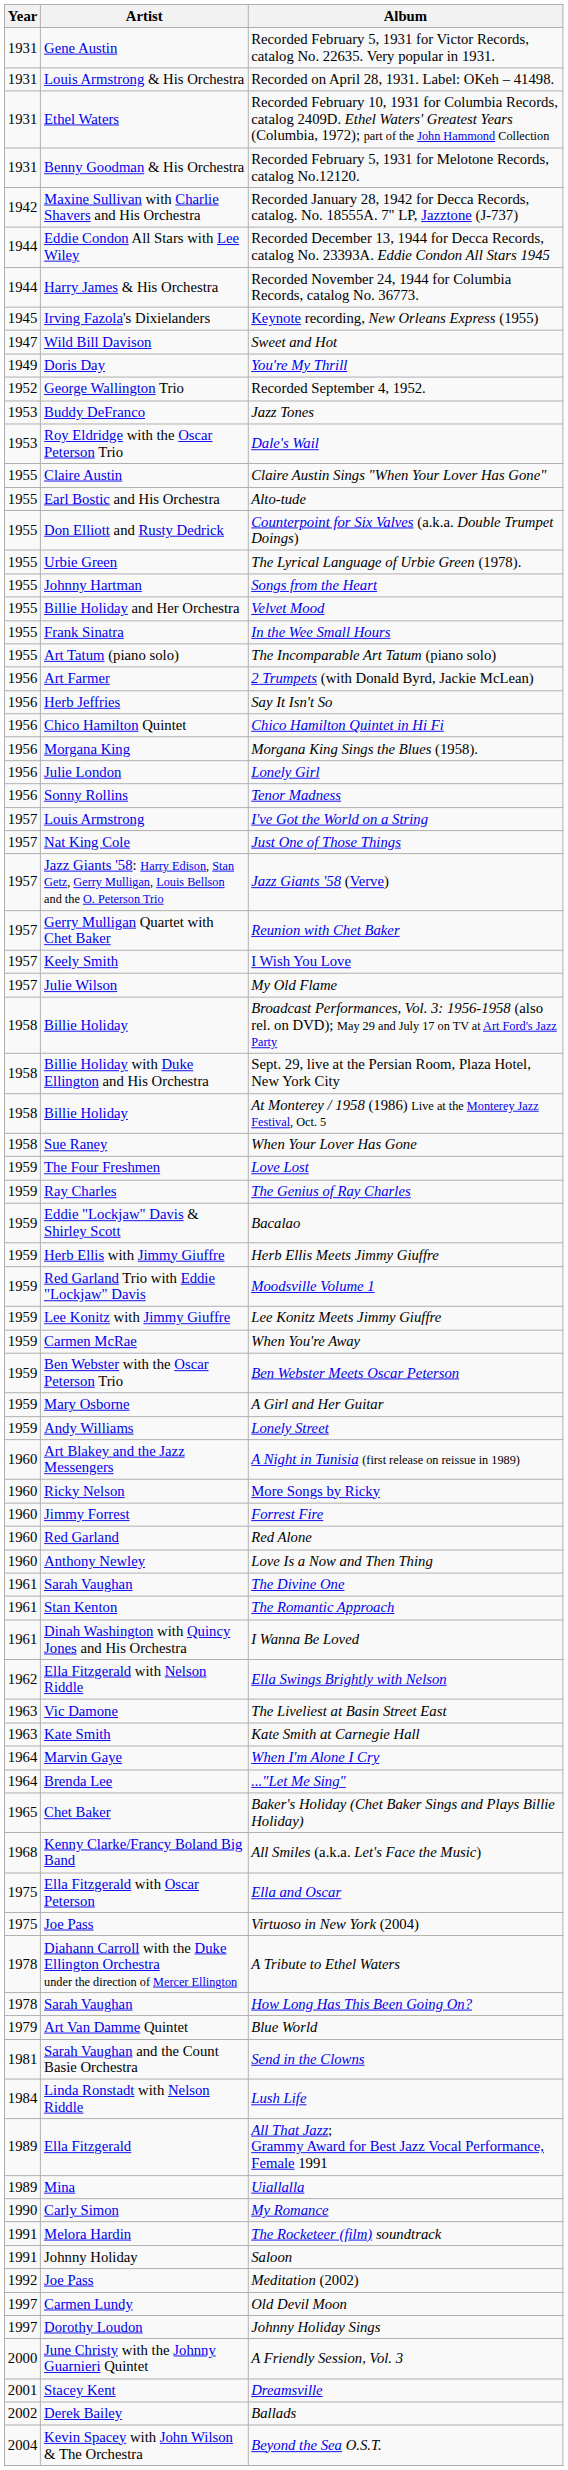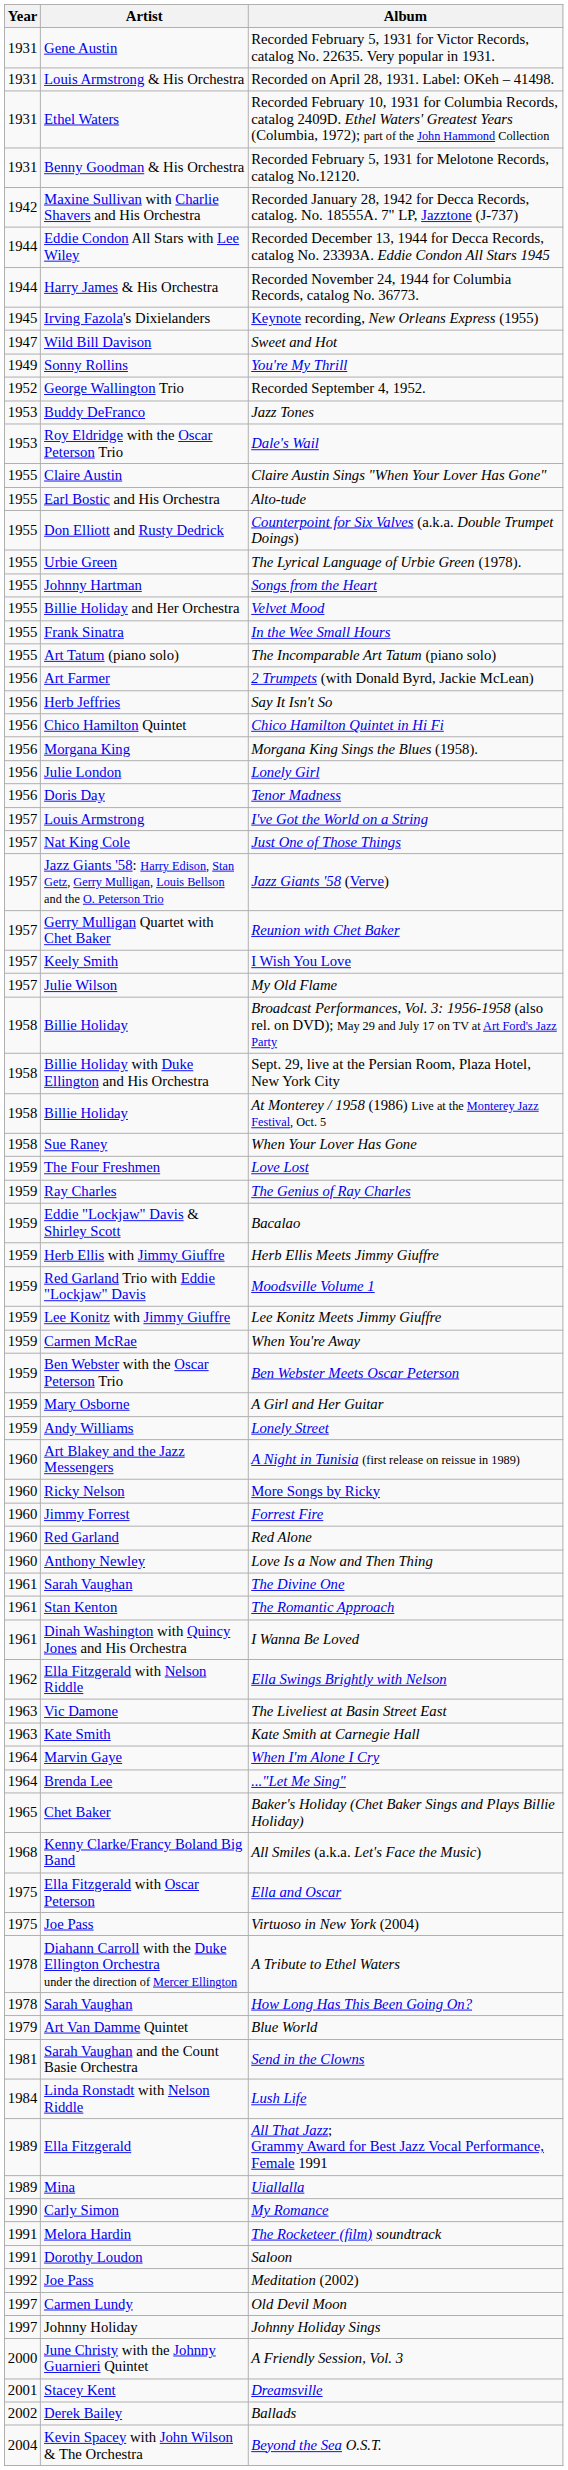 <table class="wikitable sortable">
 <tr>
 <th>Year</th>
 <th>Artist</th>
 <th class="unsortable">Album</th>
 </tr>
 <tr>
 <td>1931</td>
 <td><a href='#'>Gene Austin</a></td>
 <td>Recorded February 5, 1931 for Victor Records, catalog No. 22635. Very popular in 1931.</td>
 </tr>
 <tr>
 <td>1931</td>
 <td><a href='#'>Louis Armstrong</a> & His Orchestra</td>
 <td>Recorded on April 28, 1931. Label: OKeh – 41498.</td>
 </tr>
 <tr>
 <td>1931</td>
 <td><a href='#'>Ethel Waters</a></td>
 <td>Recorded February 10, 1931 for Columbia Records, catalog 2409D. <em>Ethel Waters' Greatest Years</em> (Columbia, 1972); <small>part of the <a href='#'>John Hammond</a> Collection</small></td>
 </tr>
 <tr>
 <td>1931</td>
 <td><a href='#'>Benny Goodman</a> & His Orchestra</td>
 <td>Recorded February 5, 1931 for Melotone Records, catalog No.12120.</td>
 </tr>
 <tr>
 <td>1942</td>
 <td><a href='#'>Maxine Sullivan</a> with <a href='#'>Charlie Shavers</a> and His Orchestra</td>
 <td>Recorded January 28, 1942 for Decca Records, catalog. No. 18555A. 7" LP, <a href='#'>Jazztone</a> (J-737)</td>
 </tr>
 <tr>
 <td>1944</td>
 <td><a href='#'>Eddie Condon</a> All Stars with <a href='#'>Lee Wiley</a></td>
 <td>Recorded December 13, 1944 for Decca Records, catalog No. 23393A. <em>Eddie Condon All Stars 1945</em></td>
 </tr>
 <tr>
 <td>1944</td>
 <td><a href='#'>Harry James</a> & His Orchestra</td>
 <td>Recorded November 24, 1944 for Columbia Records, catalog No. 36773.</td>
 </tr>
 <tr>
 <td>1945</td>
 <td><a href='#'>Irving Fazola</a>'s Dixielanders</td>
 <td><a href='#'>Keynote</a> recording, <em>New Orleans Express</em> (1955)</td>
 </tr>
 <tr>
 <td>1947</td>
 <td><a href='#'>Wild Bill Davison</a></td>
 <td><em>Sweet and Hot</em></td>
 </tr>
 <tr>
 <td>1949</td>
-<td><a href='#'>Doris Day</a></td>
+<td><a href='#'>Sonny Rollins</a></td>
 <td><em><a href='#'>You're My Thrill</a></em></td>
 </tr>
 <tr>
 <td>1952</td>
 <td><a href='#'>George Wallington</a> Trio</td>
 <td>Recorded September 4, 1952.</td>
 </tr>
 <tr>
 <td>1953</td>
 <td><a href='#'>Buddy DeFranco</a></td>
 <td><em>Jazz Tones</em></td>
 </tr>
 <tr>
 <td>1953</td>
 <td><a href='#'>Roy Eldridge</a> with the <a href='#'>Oscar Peterson</a> Trio</td>
 <td><em><a href='#'>Dale's Wail</a></em></td>
 </tr>
 <tr>
 <td>1955</td>
 <td><a href='#'>Claire Austin</a></td>
 <td><em>Claire Austin Sings "When Your Lover Has Gone"</em></td>
 </tr>
 <tr>
 <td>1955</td>
 <td><a href='#'>Earl Bostic</a> and His Orchestra</td>
 <td><em>Alto-tude</em></td>
 </tr>
 <tr>
 <td>1955</td>
 <td><a href='#'>Don Elliott</a> and <a href='#'>Rusty Dedrick</a></td>
 <td><em><a href='#'>Counterpoint for Six Valves</a></em> (a.k.a. <em>Double Trumpet Doings</em>)</td>
 </tr>
 <tr>
 <td>1955</td>
 <td><a href='#'>Urbie Green</a></td>
 <td><em>The Lyrical Language of Urbie Green</em> (1978).</td>
 </tr>
 <tr>
 <td>1955</td>
 <td><a href='#'>Johnny Hartman</a></td>
 <td><em><a href='#'>Songs from the Heart</a></em></td>
 </tr>
 <tr>
 <td>1955</td>
 <td><a href='#'>Billie Holiday</a> and Her Orchestra</td>
 <td><em><a href='#'>Velvet Mood</a></em></td>
 </tr>
 <tr>
 <td>1955</td>
 <td><a href='#'>Frank Sinatra</a></td>
 <td><em><a href='#'>In the Wee Small Hours</a></em></td>
 </tr>
 <tr>
 <td>1955</td>
 <td><a href='#'>Art Tatum</a> (piano solo)</td>
 <td><em>The Incomparable Art Tatum</em> (piano solo)</td>
 </tr>
 <tr>
 <td>1956</td>
 <td><a href='#'>Art Farmer</a></td>
 <td><em><a href='#'>2 Trumpets</a></em> (with Donald Byrd, Jackie McLean)</td>
 </tr>
 <tr>
 <td>1956</td>
 <td><a href='#'>Herb Jeffries</a></td>
 <td><em>Say It Isn't So</em></td>
 </tr>
 <tr>
 <td>1956</td>
 <td><a href='#'>Chico Hamilton</a> Quintet</td>
 <td><em><a href='#'>Chico Hamilton Quintet in Hi Fi</a></em></td>
 </tr>
 <tr>
 <td>1956</td>
 <td><a href='#'>Morgana King</a></td>
 <td><em>Morgana King Sings the Blues</em> (1958).</td>
 </tr>
 <tr>
 <td>1956</td>
 <td><a href='#'>Julie London</a></td>
 <td><em><a href='#'>Lonely Girl</a></em></td>
 </tr>
 <tr>
 <td>1956</td>
-<td><a href='#'>Sonny Rollins</a></td>
+<td><a href='#'>Doris Day</a></td>
 <td><em><a href='#'>Tenor Madness</a></em></td>
 </tr>
 <tr>
 <td>1957</td>
 <td><a href='#'>Louis Armstrong</a></td>
 <td><em><a href='#'>I've Got the World on a String</a></em></td>
 </tr>
 <tr>
 <td>1957</td>
 <td><a href='#'>Nat King Cole</a></td>
 <td><em><a href='#'>Just One of Those Things</a></em></td>
 </tr>
 <tr>
 <td>1957</td>
 <td><a href='#'>Jazz Giants '58</a>: <small><a href='#'>Harry Edison</a>, <a href='#'>Stan Getz</a>, <a href='#'>Gerry Mulligan</a>, <a href='#'>Louis Bellson</a> and the <a href='#'>O. Peterson Trio</a></small></td>
 <td><em><a href='#'>Jazz Giants '58</a></em> (<a href='#'>Verve</a>)</td>
 </tr>
 <tr>
 <td>1957</td>
 <td><a href='#'>Gerry Mulligan</a> Quartet with <a href='#'>Chet Baker</a></td>
 <td><em><a href='#'>Reunion with Chet Baker</a></em></td>
 </tr>
 <tr>
 <td>1957</td>
 <td><a href='#'>Keely Smith</a></td>
 <td><a href='#'>I Wish You Love</a></td>
 </tr>
 <tr>
 <td>1957</td>
 <td><a href='#'>Julie Wilson</a></td>
 <td><em>My Old Flame</em></td>
 </tr>
 <tr>
 <td>1958</td>
 <td><a href='#'>Billie Holiday</a></td>
 <td><em>Broadcast Performances, Vol. 3: 1956-1958</em> (also rel. on DVD); <small>May 29 and July 17 on TV at <a href='#'>Art Ford's Jazz Party</a></small></td>
 </tr>
 <tr>
 <td>1958</td>
 <td><a href='#'>Billie Holiday</a> with <a href='#'>Duke Ellington</a> and His Orchestra</td>
 <td>Sept. 29, live at the Persian Room, Plaza Hotel, New York City</td>
 </tr>
 <tr>
 <td>1958</td>
 <td><a href='#'>Billie Holiday</a></td>
 <td><em>At Monterey / 1958</em> (1986) <small>Live at the <a href='#'>Monterey Jazz Festival</a>, Oct. 5</small></td>
 </tr>
 <tr>
 <td>1958</td>
 <td><a href='#'>Sue Raney</a></td>
 <td><em>When Your Lover Has Gone</em></td>
 </tr>
 <tr>
 <td>1959</td>
 <td><a href='#'>The Four Freshmen</a></td>
 <td><em><a href='#'>Love Lost</a></em></td>
 </tr>
 <tr>
 <td>1959</td>
 <td><a href='#'>Ray Charles</a></td>
 <td><em><a href='#'>The Genius of Ray Charles</a></em></td>
 </tr>
 <tr>
 <td>1959</td>
 <td><a href='#'>Eddie "Lockjaw" Davis</a> & <a href='#'>Shirley Scott</a></td>
 <td><em>Bacalao</em></td>
 </tr>
 <tr>
 <td>1959</td>
 <td><a href='#'>Herb Ellis</a> with <a href='#'>Jimmy Giuffre</a></td>
 <td><em>Herb Ellis Meets Jimmy Giuffre</em></td>
 </tr>
 <tr>
 <td>1959</td>
 <td><a href='#'>Red Garland</a> Trio with <a href='#'>Eddie "Lockjaw" Davis</a></td>
 <td><em><a href='#'>Moodsville Volume 1</a></em></td>
 </tr>
 <tr>
 <td>1959</td>
 <td><a href='#'>Lee Konitz</a> with <a href='#'>Jimmy Giuffre</a></td>
 <td><em>Lee Konitz Meets Jimmy Giuffre</em></td>
 </tr>
 <tr>
 <td>1959</td>
 <td><a href='#'>Carmen McRae</a></td>
 <td><em>When You're Away</em></td>
 </tr>
 <tr>
 <td>1959</td>
 <td><a href='#'>Ben Webster</a> with the <a href='#'>Oscar Peterson</a> Trio</td>
 <td><em><a href='#'>Ben Webster Meets Oscar Peterson</a></em></td>
 </tr>
 <tr>
 <td>1959</td>
 <td><a href='#'>Mary Osborne</a></td>
 <td><em>A Girl and Her Guitar</em></td>
 </tr>
 <tr>
 <td>1959</td>
 <td><a href='#'>Andy Williams</a></td>
 <td><em><a href='#'>Lonely Street</a></em></td>
 </tr>
 <tr>
 <td>1960</td>
 <td><a href='#'>Art Blakey and the Jazz Messengers</a></td>
 <td><em><a href='#'>A Night in Tunisia</a></em> <small>(first release on reissue in 1989)</small></td>
 </tr>
 <tr>
 <td>1960</td>
 <td><a href='#'>Ricky Nelson</a></td>
 <td><a href='#'>More Songs by Ricky</a></td>
 </tr>
 <tr>
 <td>1960</td>
 <td><a href='#'>Jimmy Forrest</a></td>
 <td><em><a href='#'>Forrest Fire</a></em></td>
 </tr>
 <tr>
 <td>1960</td>
 <td><a href='#'>Red Garland</a></td>
 <td><em>Red Alone</em></td>
 </tr>
 <tr>
 <td>1960</td>
 <td><a href='#'>Anthony Newley</a></td>
 <td><em>Love Is a Now and Then Thing</em></td>
 </tr>
 <tr>
 <td>1961</td>
 <td><a href='#'>Sarah Vaughan</a></td>
 <td><em><a href='#'>The Divine One</a></em></td>
 </tr>
 <tr>
 <td>1961</td>
 <td><a href='#'>Stan Kenton</a></td>
 <td><em><a href='#'>The Romantic Approach</a></em></td>
 </tr>
 <tr>
 <td>1961</td>
 <td><a href='#'>Dinah Washington</a> with <a href='#'>Quincy Jones</a> and His Orchestra</td>
 <td><em>I Wanna Be Loved</em></td>
 </tr>
 <tr>
 <td>1962</td>
 <td><a href='#'>Ella Fitzgerald</a> with <a href='#'>Nelson Riddle</a></td>
 <td><em><a href='#'>Ella Swings Brightly with Nelson</a></em></td>
 </tr>
 <tr>
 <td>1963</td>
 <td><a href='#'>Vic Damone</a></td>
 <td><em>The Liveliest at Basin Street East</em></td>
 </tr>
 <tr>
 <td>1963</td>
 <td><a href='#'>Kate Smith</a></td>
 <td><em>Kate Smith at Carnegie Hall</em></td>
 </tr>
 <tr>
 <td>1964</td>
 <td><a href='#'>Marvin Gaye</a></td>
 <td><em><a href='#'>When I'm Alone I Cry</a></em></td>
 </tr>
 <tr>
 <td>1964</td>
 <td><a href='#'>Brenda Lee</a></td>
 <td><em><a href='#'>..."Let Me Sing"</a></em></td>
 </tr>
 <tr>
 <td>1965</td>
 <td><a href='#'>Chet Baker</a></td>
 <td><em>Baker's Holiday (Chet Baker Sings and Plays Billie Holiday)</em></td>
 </tr>
 <tr>
 <td>1968</td>
 <td><a href='#'>Kenny Clarke/Francy Boland Big Band</a></td>
 <td><em>All Smiles</em> (a.k.a. <em>Let's Face the Music</em>)</td>
 </tr>
 <tr>
 <td>1975</td>
 <td><a href='#'>Ella Fitzgerald</a> with <a href='#'>Oscar Peterson</a></td>
 <td><em><a href='#'>Ella and Oscar</a></em></td>
 </tr>
 <tr>
 <td>1975</td>
 <td><a href='#'>Joe Pass</a></td>
 <td><em>Virtuoso in New York</em> (2004)</td>
 </tr>
 <tr>
 <td>1978</td>
 <td><a href='#'>Diahann Carroll</a> with the <a href='#'>Duke Ellington Orchestra</a><br><small>under the direction of <a href='#'>Mercer Ellington</a></small></td>
 <td><em>A Tribute to Ethel Waters</em></td>
 </tr>
 <tr>
 <td>1978</td>
 <td><a href='#'>Sarah Vaughan</a></td>
 <td><em><a href='#'>How Long Has This Been Going On?</a></em></td>
 </tr>
 <tr>
 <td>1979</td>
 <td><a href='#'>Art Van Damme</a> Quintet</td>
 <td><em>Blue World</em></td>
 </tr>
 <tr>
 <td>1981</td>
 <td><a href='#'>Sarah Vaughan</a> and the Count Basie Orchestra</td>
 <td><em><a href='#'>Send in the Clowns</a></em></td>
 </tr>
 <tr>
 <td>1984</td>
 <td><a href='#'>Linda Ronstadt</a> with <a href='#'>Nelson Riddle</a></td>
 <td><em><a href='#'>Lush Life</a></em></td>
 </tr>
 <tr>
 <td>1989</td>
 <td><a href='#'>Ella Fitzgerald</a></td>
 <td><em><a href='#'>All That Jazz</a></em>;<br><a href='#'>Grammy Award for Best Jazz Vocal Performance, Female</a> 1991</td>
 </tr>
 <tr>
 <td>1989</td>
 <td><a href='#'>Mina</a></td>
 <td><em><a href='#'>Uiallalla</a></em></td>
 </tr>
 <tr>
 <td>1990</td>
 <td><a href='#'>Carly Simon</a></td>
 <td><em><a href='#'>My Romance</a></em></td>
 </tr>
 <tr>
 <td>1991</td>
 <td><a href='#'>Melora Hardin</a></td>
 <td><em><a href='#'>The Rocketeer (film)</a> soundtrack</em></td>
 </tr>
 <tr>
 <td>1991</td>
-<td>Johnny Holiday</td>
+<td><a href='#'>Dorothy Loudon</a></td>
 <td><em>Saloon</em></td>
 </tr>
 <tr>
 <td>1992</td>
 <td><a href='#'>Joe Pass</a></td>
 <td><em>Meditation</em> (2002)</td>
 </tr>
 <tr>
 <td>1997</td>
 <td><a href='#'>Carmen Lundy</a></td>
 <td><em>Old Devil Moon</em></td>
 </tr>
 <tr>
 <td>1997</td>
-<td><a href='#'>Dorothy Loudon</a></td>
+<td>Johnny Holiday</td>
 <td><em>Johnny Holiday Sings</em></td>
 </tr>
 <tr>
 <td>2000</td>
 <td><a href='#'>June Christy</a> with the <a href='#'>Johnny Guarnieri</a> Quintet</td>
 <td><em>A Friendly Session, Vol. 3</em></td>
 </tr>
 <tr>
 <td>2001</td>
 <td><a href='#'>Stacey Kent</a></td>
 <td><em><a href='#'>Dreamsville</a></em></td>
 </tr>
 <tr>
 <td>2002</td>
 <td><a href='#'>Derek Bailey</a></td>
 <td><em>Ballads</em></td>
 </tr>
 <tr>
 <td>2004</td>
 <td><a href='#'>Kevin Spacey</a> with <a href='#'>John Wilson</a> & The Orchestra</td>
 <td><em><a href='#'>Beyond the Sea</a> O.S.T.</em></td>
 </tr>
 </table>
